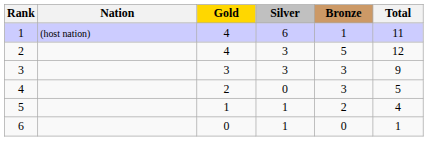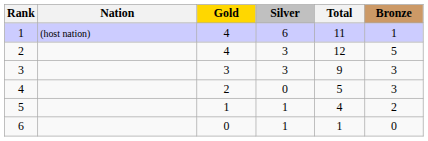 <table class="wikitable sortable plainrowheaders" style="text-align:center;max-width: 15cm; width: 100%">
 <tr>
 <th scope="col" style="width:4%">Rank</th>
 <th scope="col">Nation</th>
 <th scope="col" style="background-color:gold; width:14%;">Gold</th>
 <th scope="col" style="background-color:silver; width:14%;">Silver</th>
+<th scope="col" style="width:12%;">Total</th>
 <th scope="col" style="background-color:#cc9966; width:14%;">Bronze</th>
-<th scope="col" style="width:12%;">Total</th>
 </tr>
 <tr style="background:#ccccff">
 <td>1</td>
 <td align=left> <small>(host nation)</small></td>
 <td>4</td>
 <td>6</td>
+<td>11</td>
 <td>1</td>
-<td>11</td>
 </tr>
 <tr>
 <td>2</td>
 <td align=left></td>
 <td>4</td>
 <td>3</td>
+<td>12</td>
 <td>5</td>
-<td>12</td>
 </tr>
 <tr>
 <td>3</td>
 <td align=left></td>
 <td>3</td>
 <td>3</td>
+<td>9</td>
 <td>3</td>
-<td>9</td>
 </tr>
 <tr>
 <td>4</td>
 <td align=left></td>
 <td>2</td>
 <td>0</td>
+<td>5</td>
 <td>3</td>
-<td>5</td>
 </tr>
 <tr>
 <td>5</td>
 <td align=left></td>
 <td>1</td>
 <td>1</td>
+<td>4</td>
 <td>2</td>
-<td>4</td>
 </tr>
 <tr>
 <td>6</td>
 <td align=left></td>
 <td>0</td>
 <td>1</td>
+<td>1</td>
 <td>0</td>
-<td>1</td>
 </tr>
 </table>
